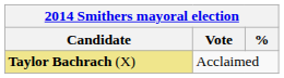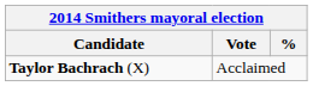 <table class="wikitable">
 <tr>
 <th colspan="3"><a href='#'>2014 Smithers mayoral election</a></th>
 </tr>
 <tr>
 <th bgcolor="#DDDDFF" width="200px">Candidate</th>
 <th bgcolor="#DDDDFF" width="50px">Vote</th>
 <th bgcolor="#DDDDFF" width="30px">%</th>
 </tr>
 <tr>
-<td style="background: khaki;"><strong>Taylor Bachrach</strong> (X)</td>
+<td><strong>Taylor Bachrach</strong> (X)</td>
 <td colspan="2">Acclaimed</td>
 </tr>
 </table>
